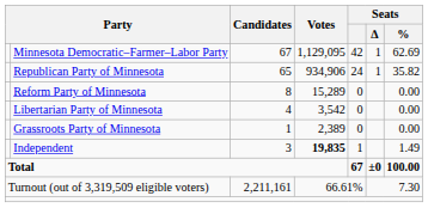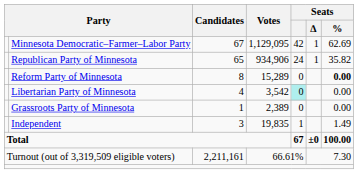 <table class="wikitable">
 <tr>
 <th rowspan="2" colspan="2">Party</th>
 <th rowspan="2">Candidates</th>
 <th rowspan="2" colspan="1">Votes</th>
 <th colspan="3">Seats</th>
 </tr>
 <tr>
 <th></th>
 <th>∆</th>
 <th>%</th>
 </tr>
 <tr>
 <td style="background-color:"></td>
 <td><a href='#'>Minnesota Democratic–Farmer–Labor Party</a></td>
 <td align="right">67</td>
 <td align="right">1,129,095</td>
 <td align="right">42</td>
 <td align="right">1</td>
 <td align="right">62.69</td>
 </tr>
 <tr>
 <td style="background-color:"></td>
 <td><a href='#'>Republican Party of Minnesota</a></td>
 <td align="right">65</td>
 <td align="right">934,906</td>
 <td align="right">24</td>
 <td align="right">1</td>
 <td align="right">35.82</td>
 </tr>
 <tr>
 <td style="background-color:"></td>
 <td><a href='#'>Reform Party of Minnesota</a></td>
 <td align="right">8</td>
 <td align="right">15,289</td>
 <td align="right">0</td>
 <td align="right"></td>
-<td align="right">0.00</td>
+<td align="right"><strong>0.00</strong></td>
 </tr>
 <tr>
 <td style="background-color:"></td>
 <td><a href='#'>Libertarian Party of Minnesota</a></td>
 <td align="right">4</td>
 <td align="right">3,542</td>
-<td align="right">0</td>
+<td align="right" style="background: paleturquoise;">0</td>
 <td align="right"></td>
 <td align="right">0.00</td>
 </tr>
 <tr>
 <td style="background-color:"></td>
 <td><a href='#'>Grassroots Party of Minnesota</a></td>
 <td align="right">1</td>
 <td align="right">2,389</td>
 <td align="right">0</td>
 <td align="right"></td>
 <td align="right">0.00</td>
 </tr>
 <tr>
 <td style="background-color:"></td>
 <td><a href='#'>Independent</a></td>
 <td align="right">3</td>
-<td align="right"><strong>19,835</strong></td>
+<td align="right">19,835</td>
 <td align="right">1</td>
 <td align="right"></td>
 <td align="right">1.49</td>
 </tr>
 <tr>
 <td colspan="4" align="left"><strong>Total</strong></td>
 <td align="right"><strong>67</strong></td>
 <td align="right"><strong>±0</strong></td>
 <td align="right"><strong>100.00</strong></td>
 </tr>
 <tr>
 <td colspan="2" align="left">Turnout (out of 3,319,509 eligible voters)</td>
 <td colspan="1" align="right">2,211,161</td>
 <td colspan="2" align="right">66.61%</td>
 <td colspan="2" align="right">7.30 </td>
 </tr>
 <tr>
 <td colspan="7"></td>
 </tr>
 </table>
